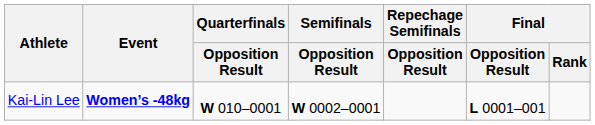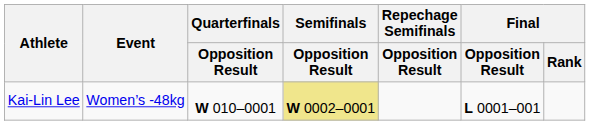 <table class="wikitable">
 <tr>
 <th rowspan="2">Athlete</th>
 <th rowspan="2">Event</th>
 <th>Quarterfinals</th>
 <th>Semifinals</th>
 <th>Repechage <br>Semifinals</th>
 <th colspan="2">Final</th>
 </tr>
 <tr>
 <th>Opposition<br>Result</th>
 <th>Opposition<br>Result</th>
 <th>Opposition<br>Result</th>
 <th>Opposition<br>Result</th>
 <th>Rank</th>
 </tr>
 <tr align=center>
 <td align=left><a href='#'>Kai-Lin Lee</a></td>
-<td align=left><strong><a href='#'>Women’s -48kg</a></strong></td>
+<td align=left><a href='#'>Women’s -48kg</a></td>
 <td><br><strong>W</strong> 010–0001</td>
-<td><br><strong>W</strong> 0002–0001</td>
+<td style="background: khaki;"><br><strong>W</strong> 0002–0001</td>
 <td></td>
 <td><br><strong>L</strong> 0001–001</td>
 <td></td>
 </tr>
 </table>
